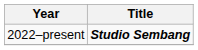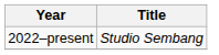 <table class="wikitable">
 <tr>
 <th>Year</th>
 <th>Title</th>
 </tr>
 <tr>
 <td>2022–present</td>
-<td><strong><em>Studio Sembang</em></strong></td>
+<td><em>Studio Sembang</em></td>
 </tr>
 <tr>
 </tr>
 </table>
